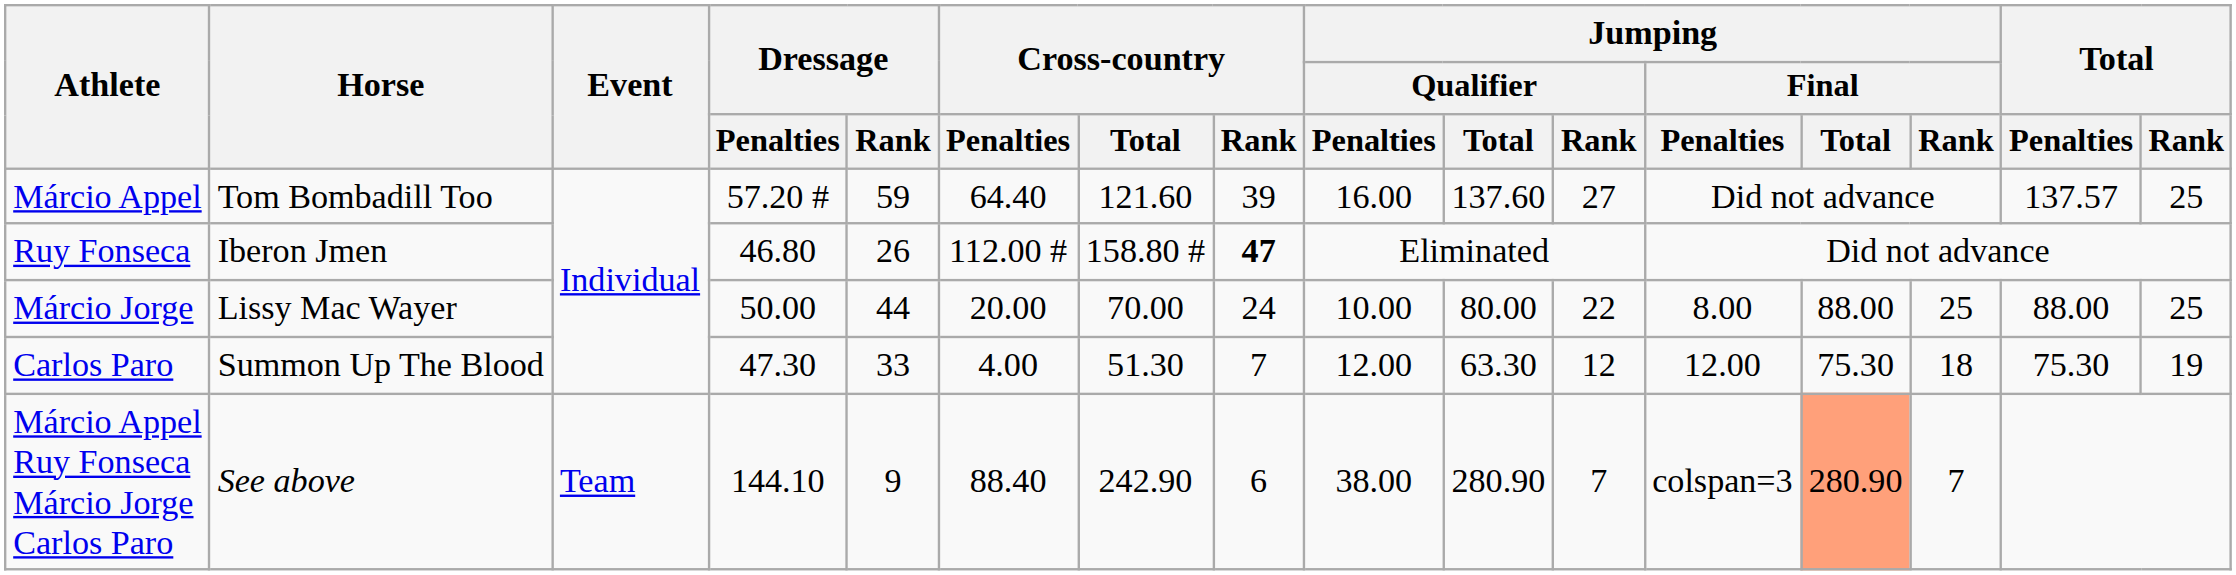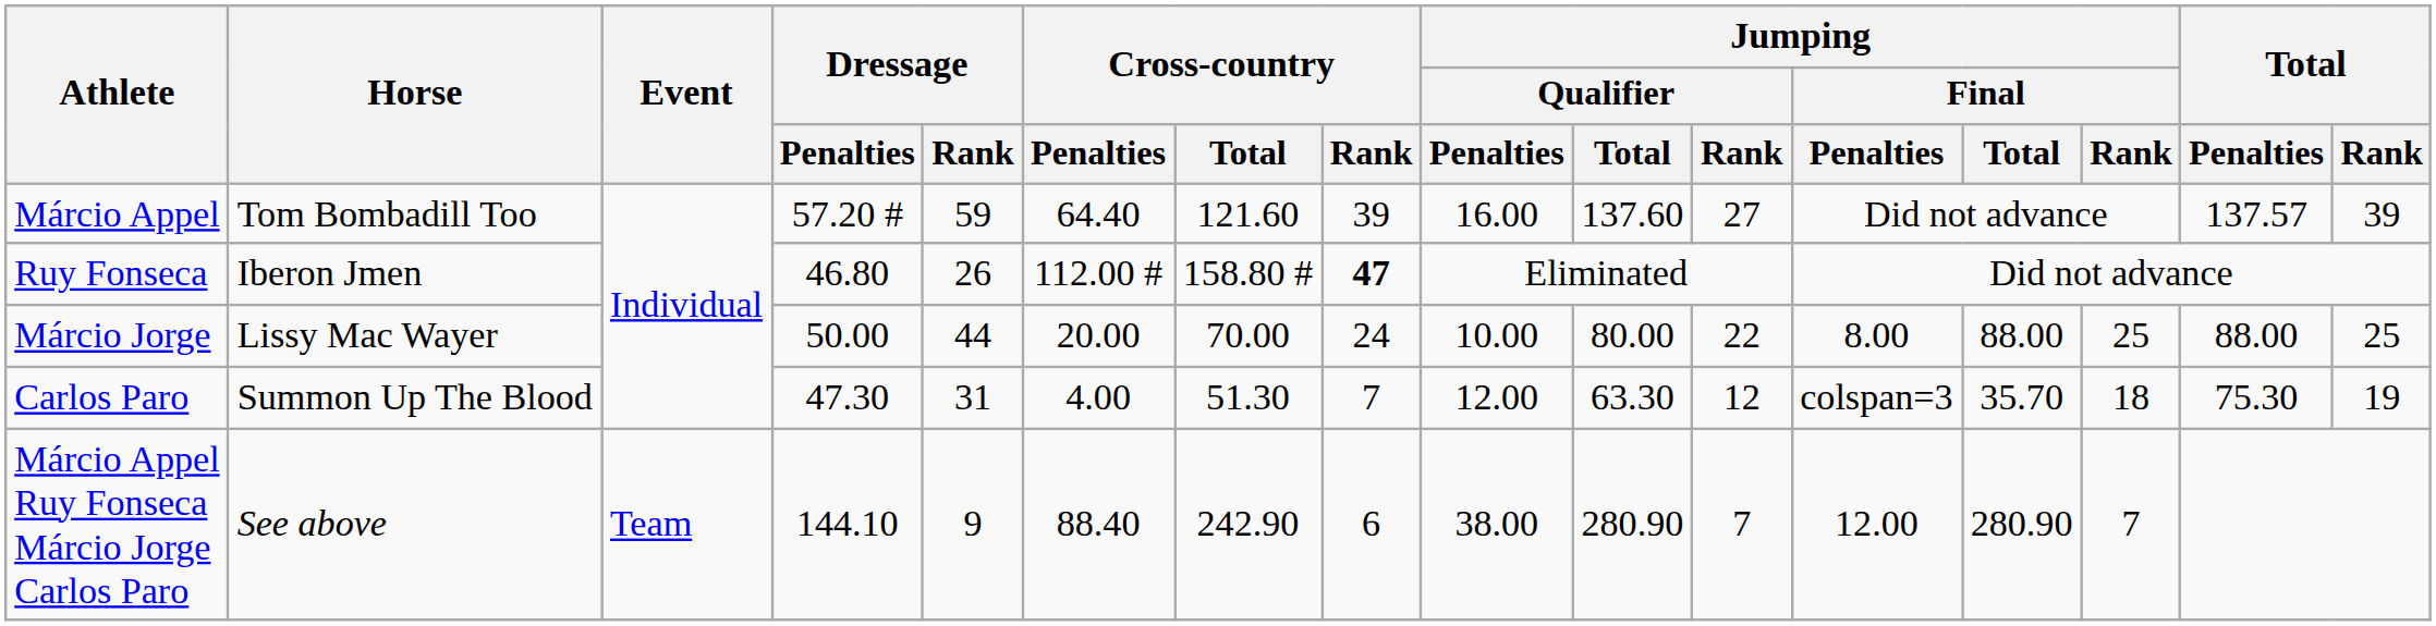 <table class=wikitable style="font-size:90%">
 <tr>
 <th rowspan="3">Athlete</th>
 <th rowspan="3">Horse</th>
 <th rowspan="3">Event</th>
 <th colspan="2" rowspan="2">Dressage</th>
 <th colspan="3" rowspan="2">Cross-country</th>
 <th colspan="6">Jumping</th>
 <th colspan="2" rowspan="2">Total</th>
 </tr>
 <tr style="font-size:95%">
 <th colspan="3">Qualifier</th>
 <th colspan="3">Final</th>
 </tr>
 <tr style="font-size:95%">
 <th>Penalties</th>
 <th>Rank</th>
 <th>Penalties</th>
 <th>Total</th>
 <th>Rank</th>
 <th>Penalties</th>
 <th>Total</th>
 <th>Rank</th>
 <th>Penalties</th>
 <th>Total</th>
 <th>Rank</th>
 <th>Penalties</th>
 <th>Rank</th>
 </tr>
 <tr align=center>
 <td align=left><a href='#'>Márcio Appel</a></td>
 <td align=left>Tom Bombadill Too</td>
 <td align=left rowspan=4><a href='#'>Individual</a></td>
 <td>57.20 #</td>
 <td>59</td>
 <td>64.40</td>
 <td>121.60</td>
 <td>39</td>
 <td>16.00</td>
 <td>137.60</td>
 <td>27</td>
 <td colspan=3>Did not advance</td>
 <td>137.57</td>
-<td>25</td>
+<td>39</td>
 </tr>
 <tr align=center>
 <td align=left><a href='#'>Ruy Fonseca</a></td>
 <td align=left>Iberon Jmen</td>
 <td>46.80</td>
 <td>26</td>
 <td>112.00 #</td>
 <td>158.80 #</td>
 <td><strong>47</strong></td>
 <td colspan=3>Eliminated</td>
 <td colspan=5>Did not advance</td>
 </tr>
 <tr align=center>
 <td align=left><a href='#'>Márcio Jorge</a></td>
 <td align=left>Lissy Mac Wayer</td>
 <td>50.00</td>
 <td>44</td>
 <td>20.00</td>
 <td>70.00</td>
 <td>24</td>
 <td>10.00</td>
 <td>80.00</td>
 <td>22</td>
 <td>8.00</td>
 <td>88.00</td>
 <td>25</td>
 <td>88.00</td>
 <td>25</td>
 </tr>
 <tr align=center>
 <td align=left><a href='#'>Carlos Paro</a></td>
 <td align=left>Summon Up The Blood</td>
 <td>47.30</td>
-<td>33</td>
+<td>31</td>
 <td>4.00</td>
 <td>51.30</td>
 <td>7</td>
 <td>12.00</td>
 <td>63.30</td>
 <td>12</td>
-<td>12.00</td>
-<td>75.30</td>
+<td>colspan=3 </td>
+<td>35.70</td>
 <td>18</td>
 <td>75.30</td>
 <td>19</td>
 </tr>
 <tr align=center>
 <td align=left><a href='#'>Márcio Appel</a><br><a href='#'>Ruy Fonseca</a><br><a href='#'>Márcio Jorge</a><br><a href='#'>Carlos Paro</a></td>
 <td align=left><em>See above</em></td>
 <td align=left><a href='#'>Team</a></td>
 <td>144.10</td>
 <td>9</td>
 <td>88.40</td>
 <td>242.90</td>
 <td>6</td>
 <td>38.00</td>
 <td>280.90</td>
 <td>7</td>
-<td>colspan=3 </td>
-<td style="background: lightsalmon;">280.90</td>
+<td>12.00</td>
+<td>280.90</td>
 <td>7</td>
 </tr>
 </table>
